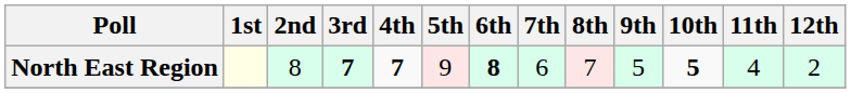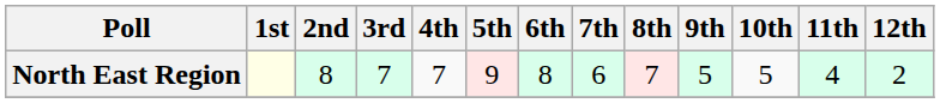 <table class="wikitable" style="white-space:nowrap;">
 <tr>
 <th>Poll</th>
 <th>1st</th>
 <th>2nd</th>
 <th>3rd</th>
 <th>4th</th>
 <th>5th</th>
 <th>6th</th>
 <th>7th</th>
 <th>8th</th>
 <th>9th</th>
 <th>10th</th>
 <th>11th</th>
 <th>12th</th>
 </tr>
 <tr style="text-align:center;">
 <th>North East Region</th>
 <td style="background:#FFFFE6"></td>
 <td style="background:#D8FFEB">8</td>
-<td style="background:#D8FFEB"><strong>7</strong></td>
-<td style="background:"><strong>7</strong></td>
+<td style="background:#D8FFEB">7</td>
+<td style="background:">7</td>
 <td style="background:#FFE6E6">9</td>
-<td style="background:#D8FFEB"><strong>8</strong></td>
+<td style="background:#D8FFEB">8</td>
 <td style="background:#D8FFEB">6</td>
 <td style="background:#FFE6E6">7</td>
 <td style="background:#D8FFEB">5</td>
-<td style="background:"><strong>5</strong></td>
+<td style="background:">5</td>
 <td style="background:#D8FFEB">4</td>
 <td style="background:#D8FFEB">2</td>
 </tr>
 <tr style="text-align:center;">
 </tr>
 </table>
